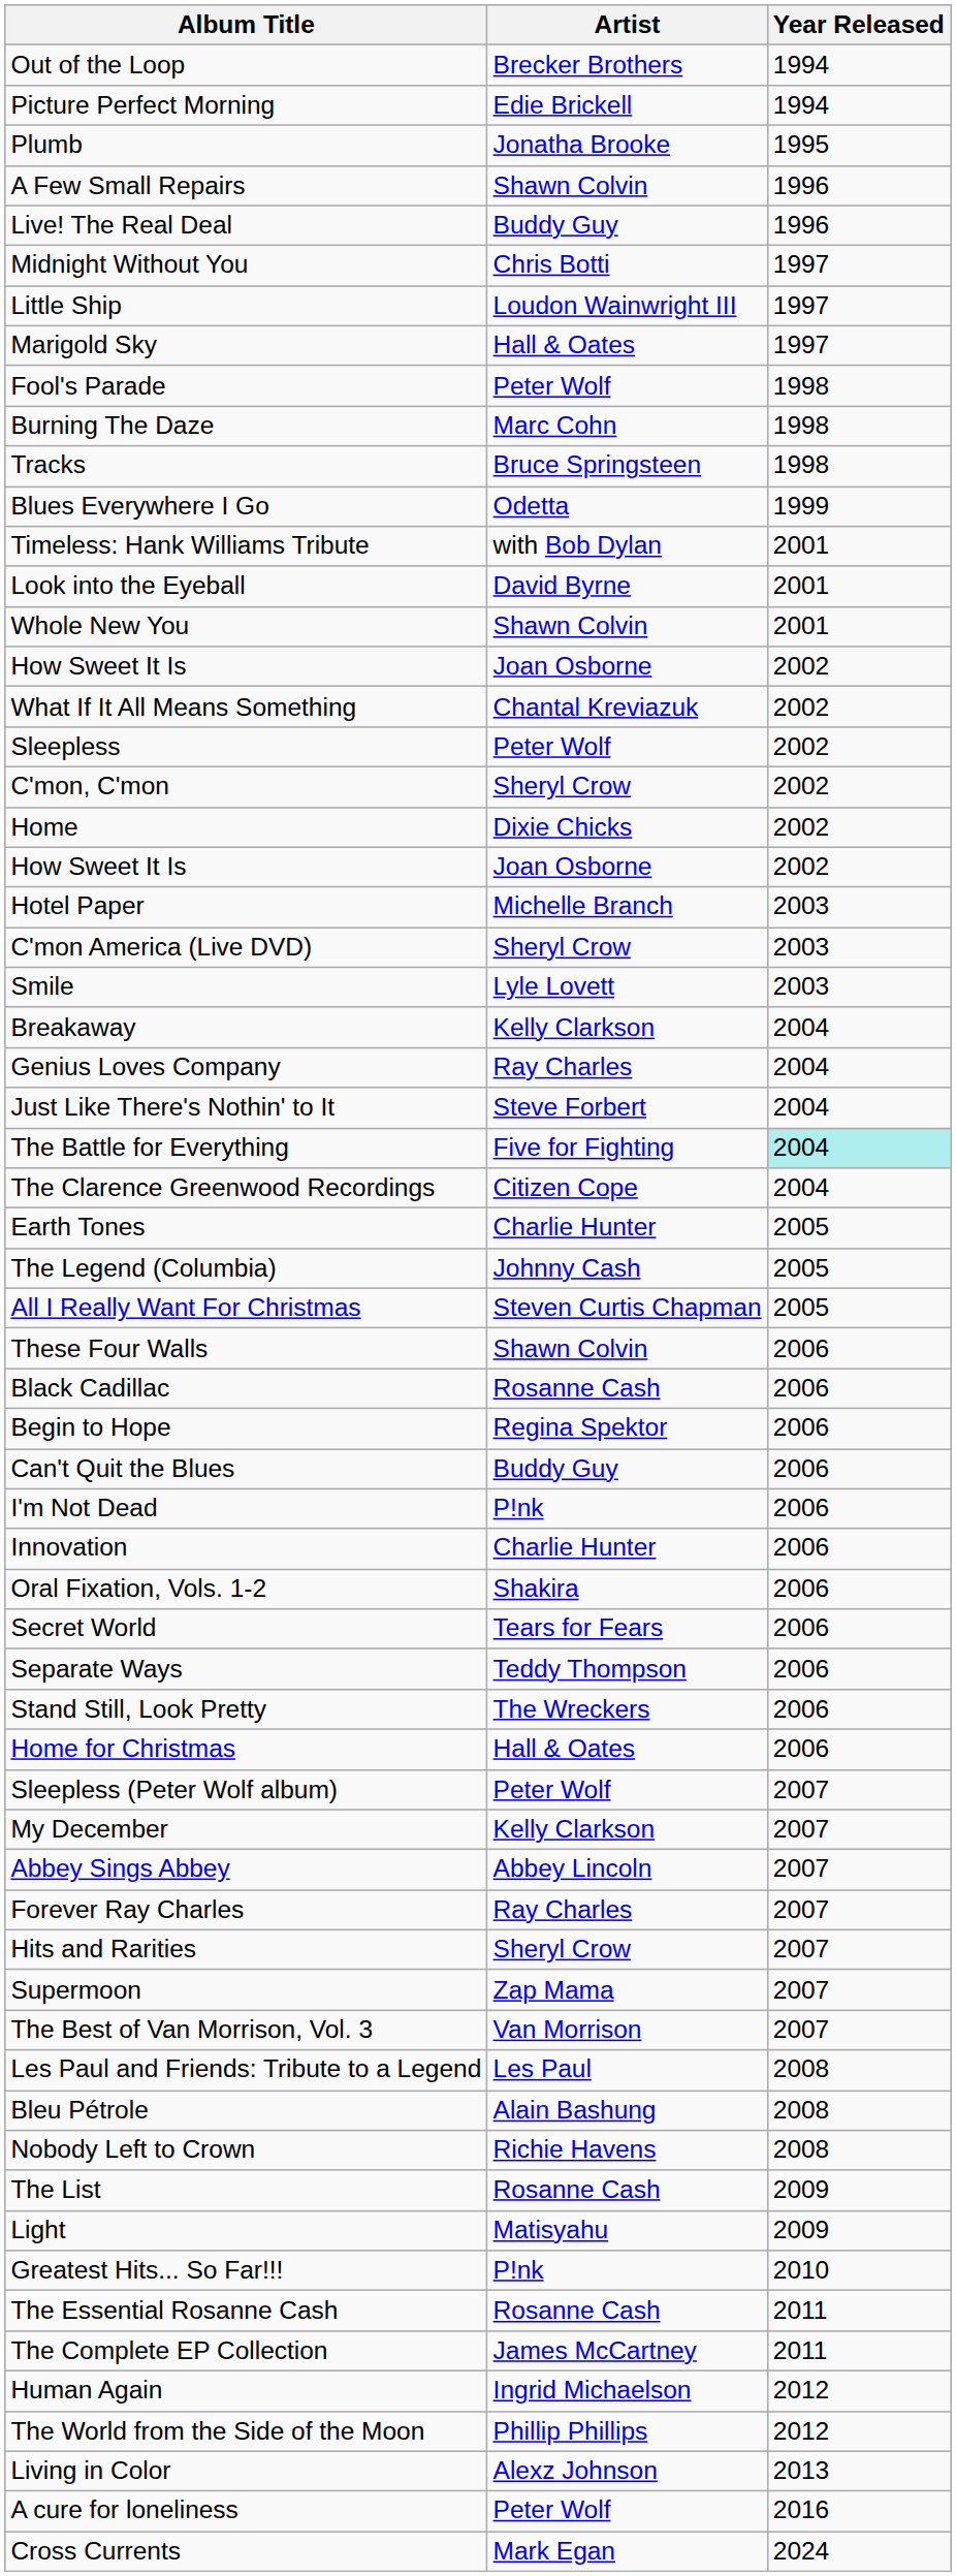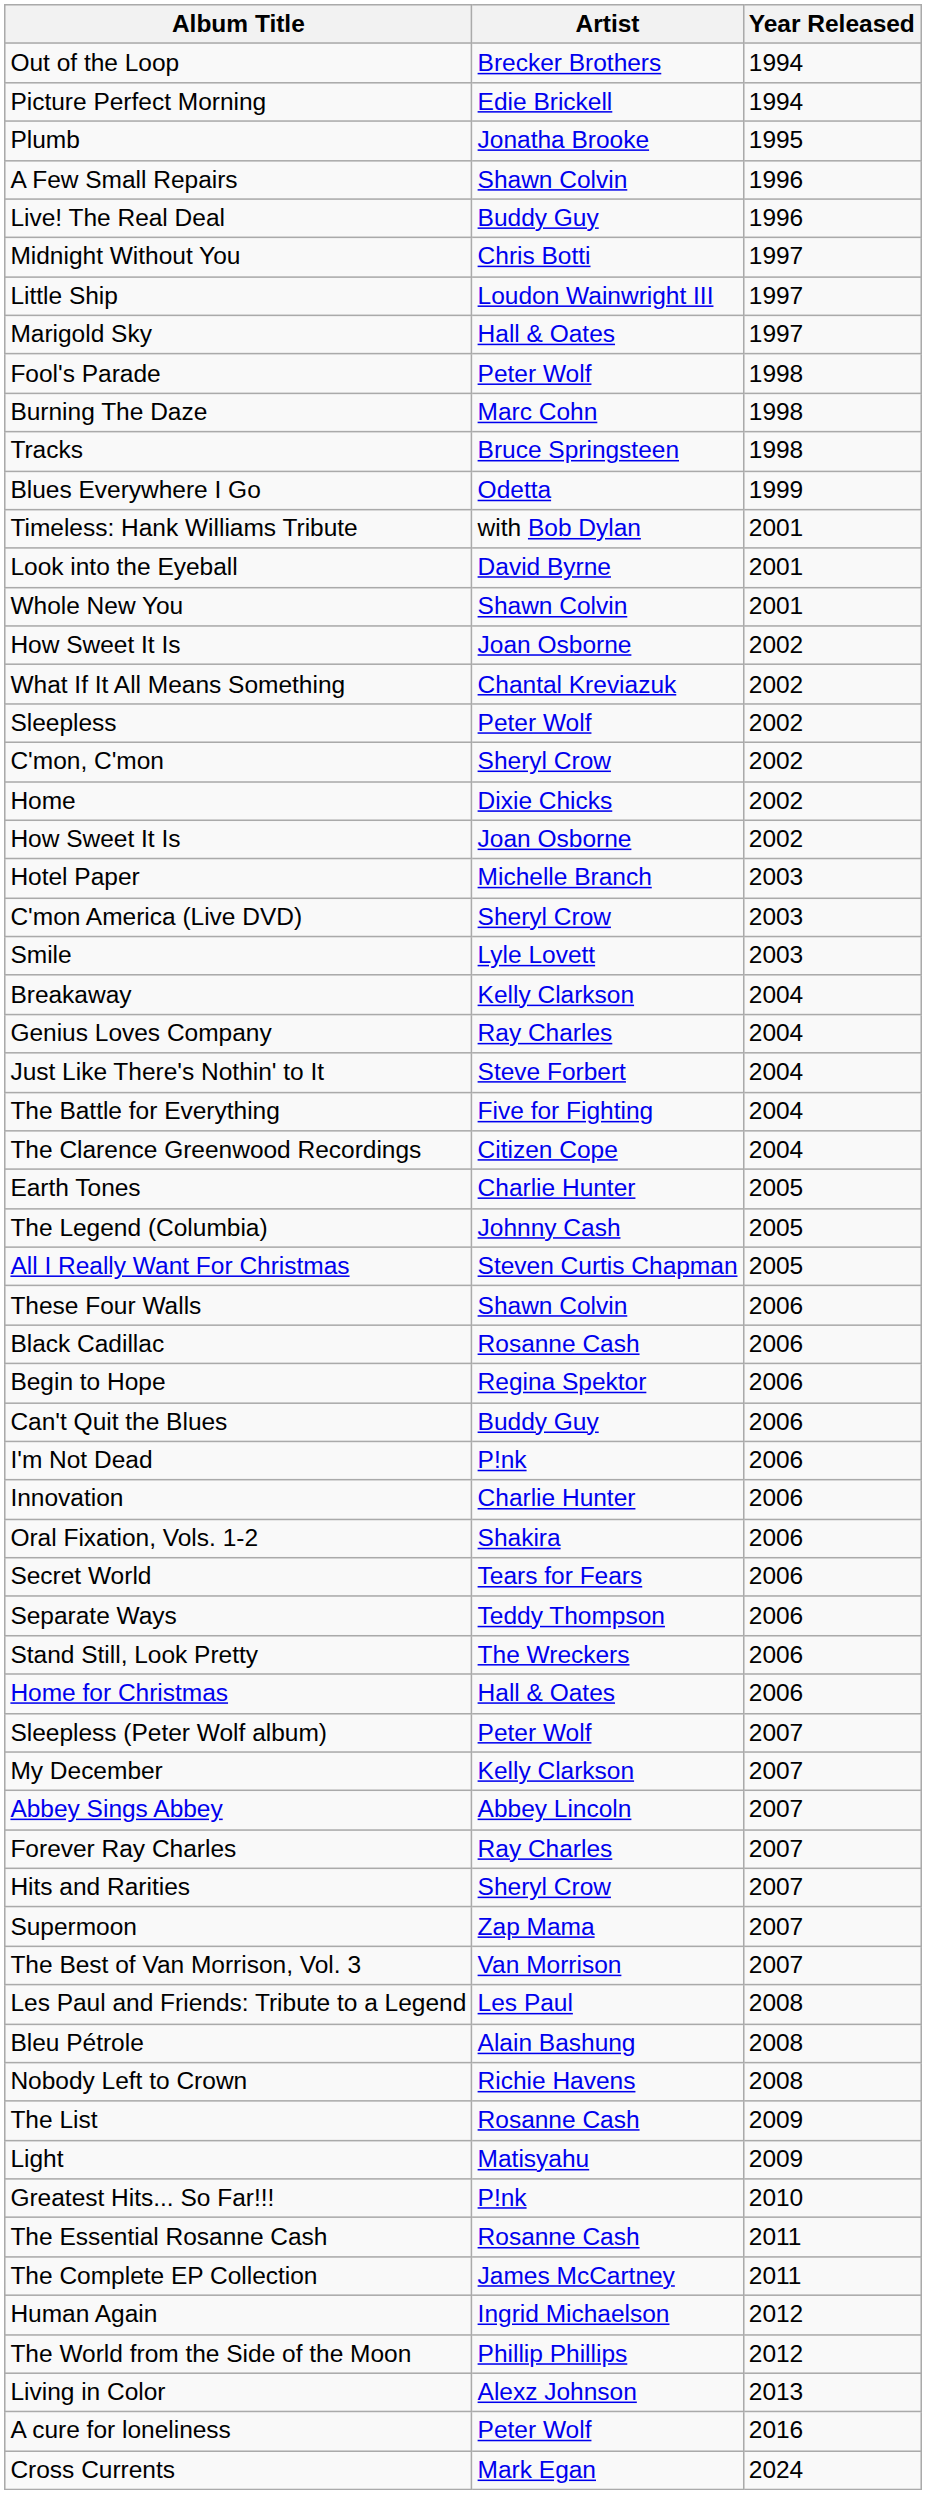 <table class="wikitable">
 <tr>
 <th>Album Title</th>
 <th>Artist</th>
 <th>Year Released</th>
 </tr>
 <tr>
 <td>Out of the Loop</td>
 <td><a href='#'>Brecker Brothers</a></td>
 <td>1994</td>
 </tr>
 <tr>
 <td>Picture Perfect Morning</td>
 <td><a href='#'>Edie Brickell</a></td>
 <td>1994</td>
 </tr>
 <tr>
 <td>Plumb</td>
 <td><a href='#'>Jonatha Brooke</a></td>
 <td>1995</td>
 </tr>
 <tr>
 <td>A Few Small Repairs</td>
 <td><a href='#'>Shawn Colvin</a></td>
 <td>1996</td>
 </tr>
 <tr>
 <td>Live! The Real Deal</td>
 <td><a href='#'>Buddy Guy</a></td>
 <td>1996</td>
 </tr>
 <tr>
 <td>Midnight Without You</td>
 <td><a href='#'>Chris Botti</a></td>
 <td>1997</td>
 </tr>
 <tr>
 <td>Little Ship</td>
 <td><a href='#'>Loudon Wainwright III</a></td>
 <td>1997</td>
 </tr>
 <tr>
 <td>Marigold Sky</td>
 <td><a href='#'>Hall & Oates</a></td>
 <td>1997</td>
 </tr>
 <tr>
 <td>Fool's Parade</td>
 <td><a href='#'>Peter Wolf</a></td>
 <td>1998</td>
 </tr>
 <tr>
 <td>Burning The Daze</td>
 <td><a href='#'>Marc Cohn</a></td>
 <td>1998</td>
 </tr>
 <tr>
 <td>Tracks</td>
 <td><a href='#'>Bruce Springsteen</a></td>
 <td>1998</td>
 </tr>
 <tr>
 <td>Blues Everywhere I Go</td>
 <td><a href='#'>Odetta</a></td>
 <td>1999</td>
 </tr>
 <tr>
 <td>Timeless: Hank Williams Tribute</td>
 <td>with <a href='#'>Bob Dylan</a></td>
 <td>2001</td>
 </tr>
 <tr>
 <td>Look into the Eyeball</td>
 <td><a href='#'>David Byrne</a></td>
 <td>2001</td>
 </tr>
 <tr>
 <td>Whole New You</td>
 <td><a href='#'>Shawn Colvin</a></td>
 <td>2001</td>
 </tr>
 <tr>
 <td>How Sweet It Is</td>
 <td><a href='#'>Joan Osborne</a></td>
 <td>2002</td>
 </tr>
 <tr>
 <td>What If It All Means Something</td>
 <td><a href='#'>Chantal Kreviazuk</a></td>
 <td>2002</td>
 </tr>
 <tr>
 <td>Sleepless</td>
 <td><a href='#'>Peter Wolf</a></td>
 <td>2002</td>
 </tr>
 <tr>
 <td>C'mon, C'mon</td>
 <td><a href='#'>Sheryl Crow</a></td>
 <td>2002</td>
 </tr>
 <tr>
 <td>Home</td>
 <td><a href='#'>Dixie Chicks</a></td>
 <td>2002</td>
 </tr>
 <tr>
 <td>How Sweet It Is</td>
 <td><a href='#'>Joan Osborne</a></td>
 <td>2002</td>
 </tr>
 <tr>
 <td>Hotel Paper</td>
 <td><a href='#'>Michelle Branch</a></td>
 <td>2003</td>
 </tr>
 <tr>
 <td>C'mon America (Live DVD)</td>
 <td><a href='#'>Sheryl Crow</a></td>
 <td>2003</td>
 </tr>
 <tr>
 <td>Smile</td>
 <td><a href='#'>Lyle Lovett</a></td>
 <td>2003</td>
 </tr>
 <tr>
 <td>Breakaway</td>
 <td><a href='#'>Kelly Clarkson</a></td>
 <td>2004</td>
 </tr>
 <tr>
 <td>Genius Loves Company</td>
 <td><a href='#'>Ray Charles</a></td>
 <td>2004</td>
 </tr>
 <tr>
 <td>Just Like There's Nothin' to It</td>
 <td><a href='#'>Steve Forbert</a></td>
 <td>2004</td>
 </tr>
 <tr>
 <td>The Battle for Everything</td>
 <td><a href='#'>Five for Fighting</a></td>
-<td style="background: paleturquoise;">2004</td>
+<td>2004</td>
 </tr>
 <tr>
 <td>The Clarence Greenwood Recordings</td>
 <td><a href='#'>Citizen Cope</a></td>
 <td>2004</td>
 </tr>
 <tr>
 <td>Earth Tones</td>
 <td><a href='#'>Charlie Hunter</a></td>
 <td>2005</td>
 </tr>
 <tr>
 <td>The Legend (Columbia)</td>
 <td><a href='#'>Johnny Cash</a></td>
 <td>2005</td>
 </tr>
 <tr>
 <td><a href='#'>All I Really Want For Christmas</a></td>
 <td><a href='#'>Steven Curtis Chapman</a></td>
 <td>2005</td>
 </tr>
 <tr>
 <td>These Four Walls</td>
 <td><a href='#'>Shawn Colvin</a></td>
 <td>2006</td>
 </tr>
 <tr>
 <td>Black Cadillac</td>
 <td><a href='#'>Rosanne Cash</a></td>
 <td>2006</td>
 </tr>
 <tr>
 <td>Begin to Hope</td>
 <td><a href='#'>Regina Spektor</a></td>
 <td>2006</td>
 </tr>
 <tr>
 <td>Can't Quit the Blues</td>
 <td><a href='#'>Buddy Guy</a></td>
 <td>2006</td>
 </tr>
 <tr>
 <td>I'm Not Dead</td>
 <td><a href='#'>P!nk</a></td>
 <td>2006</td>
 </tr>
 <tr>
 <td>Innovation</td>
 <td><a href='#'>Charlie Hunter</a></td>
 <td>2006</td>
 </tr>
 <tr>
 <td>Oral Fixation, Vols. 1-2</td>
 <td><a href='#'>Shakira</a></td>
 <td>2006</td>
 </tr>
 <tr>
 <td>Secret World</td>
 <td><a href='#'>Tears for Fears</a></td>
 <td>2006</td>
 </tr>
 <tr>
 <td>Separate Ways</td>
 <td><a href='#'>Teddy Thompson</a></td>
 <td>2006</td>
 </tr>
 <tr>
 <td>Stand Still, Look Pretty</td>
 <td><a href='#'>The Wreckers</a></td>
 <td>2006</td>
 </tr>
 <tr>
 <td><a href='#'>Home for Christmas</a></td>
 <td><a href='#'>Hall & Oates</a></td>
 <td>2006</td>
 </tr>
 <tr>
 <td>Sleepless (Peter Wolf album)</td>
 <td><a href='#'>Peter Wolf</a></td>
 <td>2007</td>
 </tr>
 <tr>
 <td>My December</td>
 <td><a href='#'>Kelly Clarkson</a></td>
 <td>2007</td>
 </tr>
 <tr>
 <td><a href='#'>Abbey Sings Abbey</a></td>
 <td><a href='#'>Abbey Lincoln</a></td>
 <td>2007</td>
 </tr>
 <tr>
 <td>Forever Ray Charles</td>
 <td><a href='#'>Ray Charles</a></td>
 <td>2007</td>
 </tr>
 <tr>
 <td>Hits and Rarities</td>
 <td><a href='#'>Sheryl Crow</a></td>
 <td>2007</td>
 </tr>
 <tr>
 <td>Supermoon</td>
 <td><a href='#'>Zap Mama</a></td>
 <td>2007</td>
 </tr>
 <tr>
 <td>The Best of Van Morrison, Vol. 3</td>
 <td><a href='#'>Van Morrison</a></td>
 <td>2007</td>
 </tr>
 <tr>
 <td>Les Paul and Friends: Tribute to a Legend</td>
 <td><a href='#'>Les Paul</a></td>
 <td>2008</td>
 </tr>
 <tr>
 <td>Bleu Pétrole</td>
 <td><a href='#'>Alain Bashung</a></td>
 <td>2008</td>
 </tr>
 <tr>
 <td>Nobody Left to Crown</td>
 <td><a href='#'>Richie Havens</a></td>
 <td>2008</td>
 </tr>
 <tr>
 <td>The List</td>
 <td><a href='#'>Rosanne Cash</a></td>
 <td>2009</td>
 </tr>
 <tr>
 <td>Light</td>
 <td><a href='#'>Matisyahu</a></td>
 <td>2009</td>
 </tr>
 <tr>
 <td>Greatest Hits... So Far!!!</td>
 <td><a href='#'>P!nk</a></td>
 <td>2010</td>
 </tr>
 <tr>
 <td>The Essential Rosanne Cash</td>
 <td><a href='#'>Rosanne Cash</a></td>
 <td>2011</td>
 </tr>
 <tr>
 <td>The Complete EP Collection</td>
 <td><a href='#'>James McCartney</a></td>
 <td>2011</td>
 </tr>
 <tr>
 <td>Human Again</td>
 <td><a href='#'>Ingrid Michaelson</a></td>
 <td>2012</td>
 </tr>
 <tr>
 <td>The World from the Side of the Moon</td>
 <td><a href='#'>Phillip Phillips</a></td>
 <td>2012</td>
 </tr>
 <tr>
 <td>Living in Color</td>
 <td><a href='#'>Alexz Johnson</a></td>
 <td>2013</td>
 </tr>
 <tr>
 <td>A cure for loneliness</td>
 <td><a href='#'>Peter Wolf</a></td>
 <td>2016</td>
 </tr>
 <tr>
 <td>Cross Currents</td>
 <td><a href='#'>Mark Egan</a></td>
 <td>2024</td>
 </tr>
 </table>
